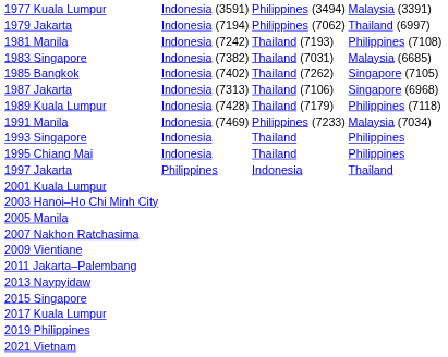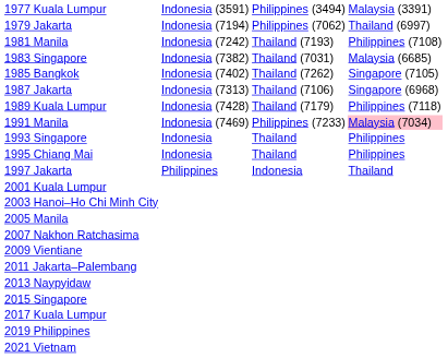 <table>
 <tr>
 <td><a href='#'>1977 Kuala Lumpur</a></td>
 <td> <a href='#'>Indonesia</a> (3591)</td>
 <td> <a href='#'>Philippines</a> (3494)</td>
 <td> <a href='#'>Malaysia</a> (3391)</td>
 </tr>
 <tr>
 <td><a href='#'>1979 Jakarta</a></td>
 <td> <a href='#'>Indonesia</a> (7194)</td>
 <td> <a href='#'>Philippines</a> (7062)</td>
 <td> <a href='#'>Thailand</a> (6997)</td>
 </tr>
 <tr>
 <td><a href='#'>1981 Manila</a></td>
 <td> <a href='#'>Indonesia</a> (7242)</td>
 <td> <a href='#'>Thailand</a> (7193)</td>
 <td> <a href='#'>Philippines</a> (7108)</td>
 </tr>
 <tr>
 <td><a href='#'>1983 Singapore</a></td>
 <td> <a href='#'>Indonesia</a> (7382)</td>
 <td> <a href='#'>Thailand</a> (7031)</td>
 <td> <a href='#'>Malaysia</a> (6685)</td>
 </tr>
 <tr>
 <td><a href='#'>1985 Bangkok</a></td>
 <td> <a href='#'>Indonesia</a> (7402)</td>
 <td> <a href='#'>Thailand</a> (7262)</td>
 <td> <a href='#'>Singapore</a> (7105)</td>
 </tr>
 <tr>
 <td><a href='#'>1987 Jakarta</a></td>
 <td> <a href='#'>Indonesia</a> (7313)</td>
 <td> <a href='#'>Thailand</a> (7106)</td>
 <td> <a href='#'>Singapore</a> (6968)</td>
 </tr>
 <tr>
 <td><a href='#'>1989 Kuala Lumpur</a></td>
 <td> <a href='#'>Indonesia</a> (7428)</td>
 <td> <a href='#'>Thailand</a> (7179)</td>
 <td> <a href='#'>Philippines</a> (7118)</td>
 </tr>
 <tr>
 <td><a href='#'>1991 Manila</a></td>
 <td> <a href='#'>Indonesia</a> (7469)</td>
 <td> <a href='#'>Philippines</a> (7233)</td>
-<td> <a href='#'>Malaysia</a> (7034)</td>
+<td style="background: pink;"> <a href='#'>Malaysia</a> (7034)</td>
 </tr>
 <tr>
 <td><a href='#'>1993 Singapore</a></td>
 <td> <a href='#'>Indonesia</a></td>
 <td> <a href='#'>Thailand</a></td>
 <td> <a href='#'>Philippines</a></td>
 </tr>
 <tr>
 <td><a href='#'>1995 Chiang Mai</a></td>
 <td> <a href='#'>Indonesia</a></td>
 <td> <a href='#'>Thailand</a></td>
 <td> <a href='#'>Philippines</a></td>
 </tr>
 <tr>
 <td><a href='#'>1997 Jakarta</a></td>
 <td> <a href='#'>Philippines</a></td>
 <td> <a href='#'>Indonesia</a></td>
 <td> <a href='#'>Thailand</a></td>
 </tr>
 <tr>
 <td><a href='#'>2001 Kuala Lumpur</a></td>
 <td></td>
 <td></td>
 <td></td>
 </tr>
 <tr>
 <td><a href='#'>2003 Hanoi–Ho Chi Minh City</a></td>
 <td></td>
 <td></td>
 <td></td>
 </tr>
 <tr>
 <td><a href='#'>2005 Manila</a></td>
 <td></td>
 <td></td>
 <td></td>
 </tr>
 <tr>
 <td><a href='#'>2007 Nakhon Ratchasima</a></td>
 <td></td>
 <td></td>
 <td></td>
 </tr>
 <tr>
 <td><a href='#'>2009 Vientiane</a></td>
 <td></td>
 <td></td>
 <td></td>
 </tr>
 <tr>
 <td><a href='#'>2011 Jakarta–Palembang</a></td>
 <td></td>
 <td></td>
 <td></td>
 </tr>
 <tr>
 <td><a href='#'>2013 Naypyidaw</a></td>
 <td></td>
 <td></td>
 <td></td>
 </tr>
 <tr>
 <td><a href='#'>2015 Singapore</a></td>
 <td></td>
 <td></td>
 <td></td>
 </tr>
 <tr>
 <td><a href='#'>2017 Kuala Lumpur</a></td>
 <td></td>
 <td></td>
 <td></td>
 </tr>
 <tr>
 <td><a href='#'>2019 Philippines</a></td>
 <td></td>
 <td></td>
 <td></td>
 </tr>
 <tr>
 <td><a href='#'>2021 Vietnam</a></td>
 <td></td>
 <td></td>
 <td></td>
 </tr>
 </table>
